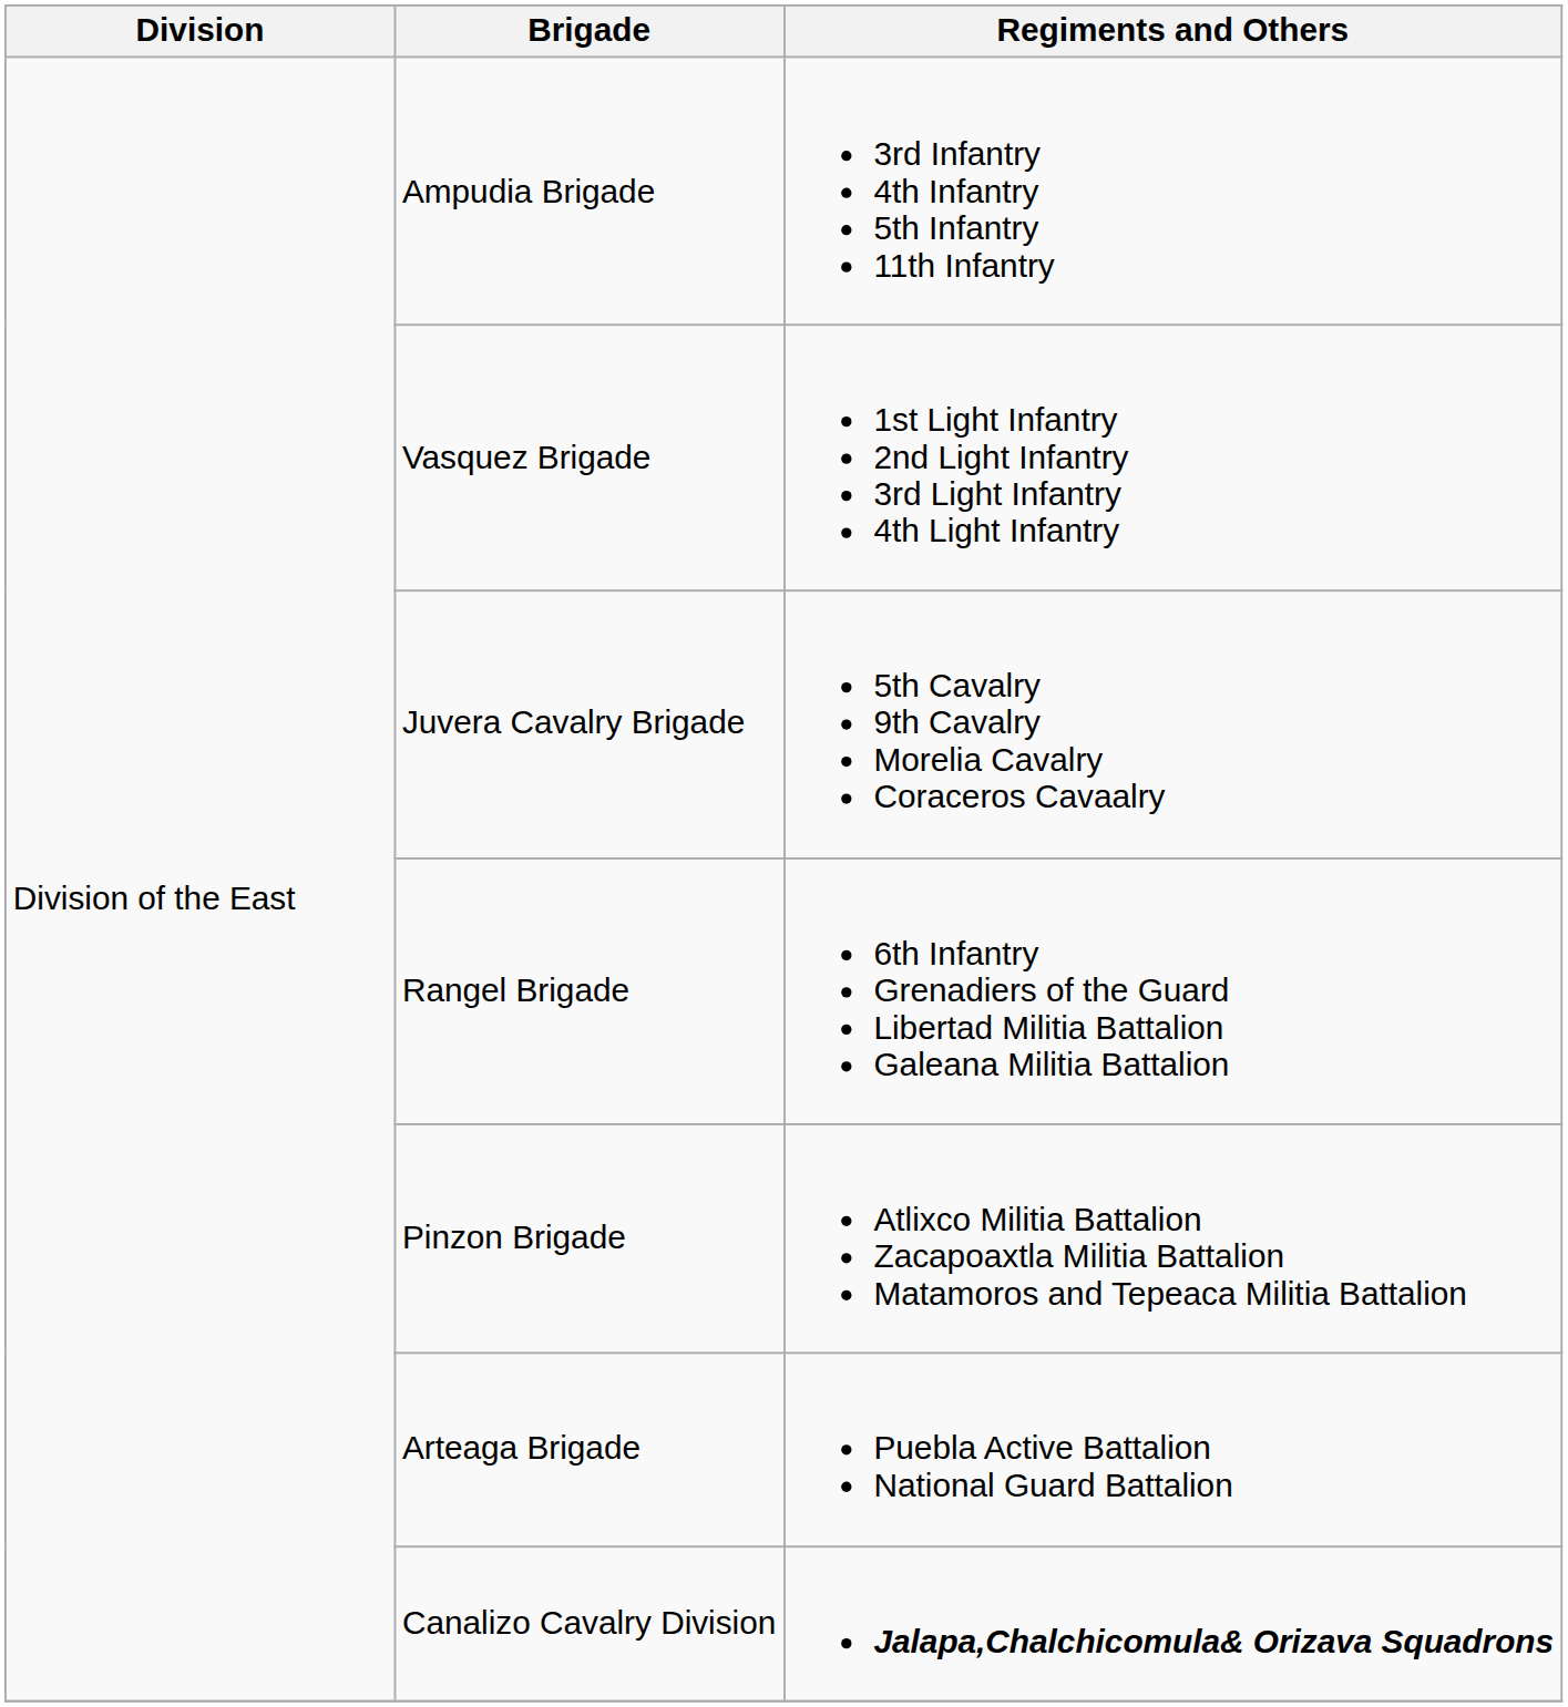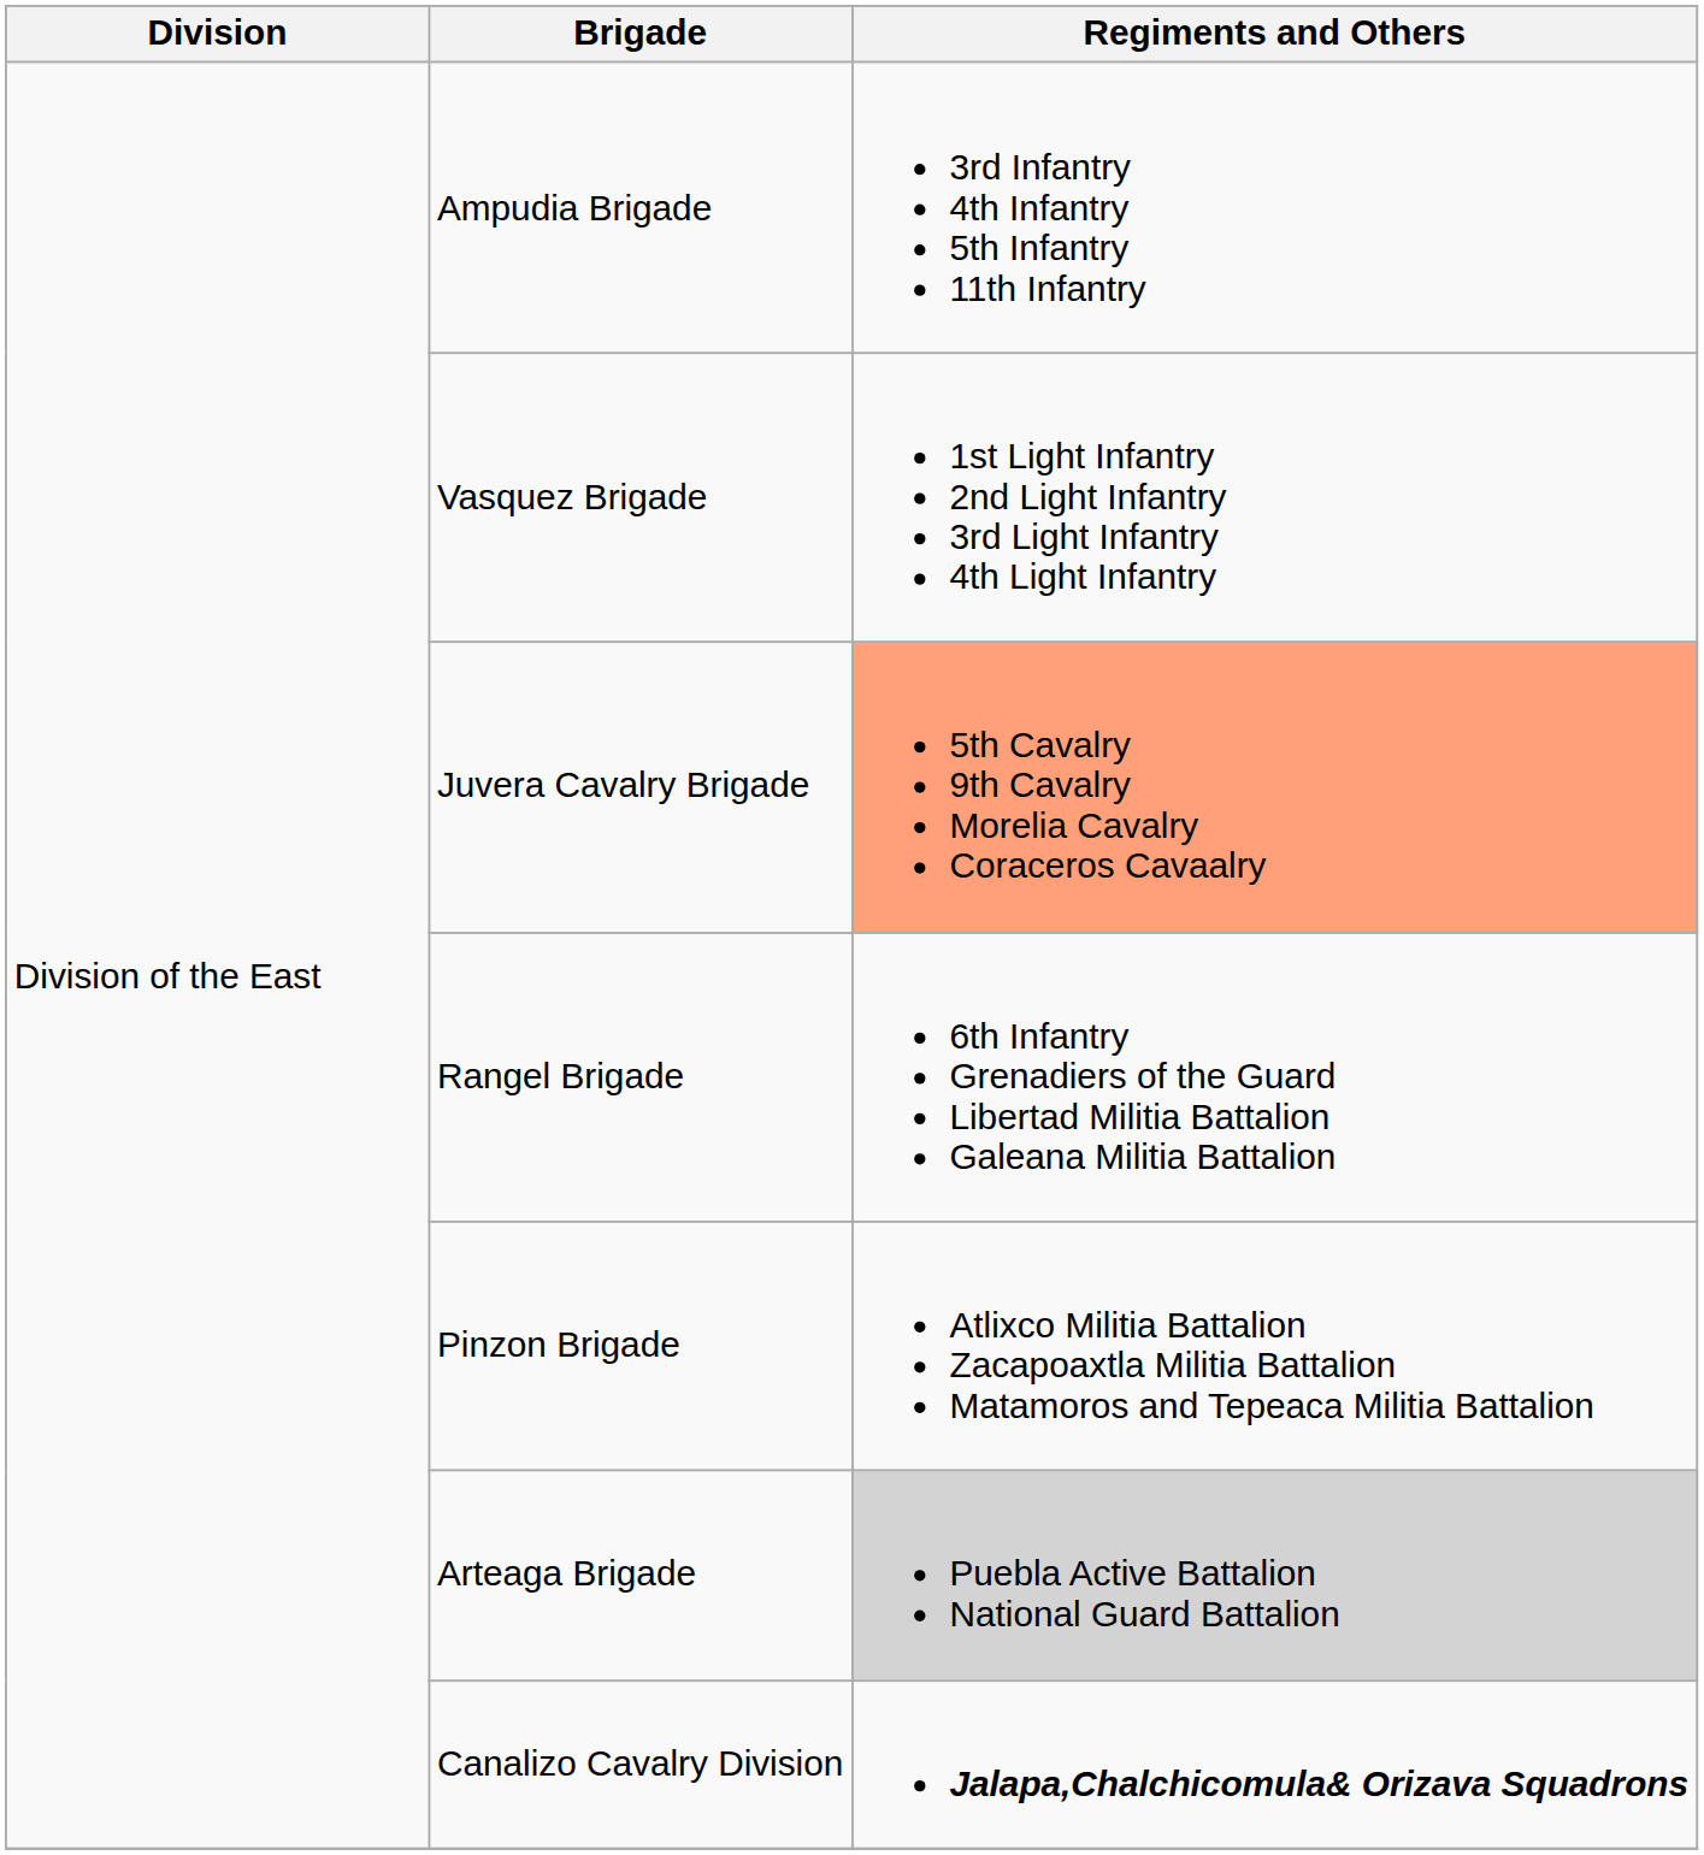 <table class="wikitable">
 <tr>
 <th width=25%>Division</th>
 <th width=25%>Brigade</th>
 <th>Regiments and Others</th>
 </tr>
 <tr>
 <td rowspan=7><br>Division of the East</td>
 <td>Ampudia Brigade</td>
 <td><br><ul><li>3rd Infantry</li><li>4th Infantry</li><li>5th Infantry</li><li>11th Infantry</li></ul></td>
 </tr>
 <tr>
 <td>Vasquez Brigade</td>
 <td><br><ul><li>1st Light Infantry</li><li>2nd Light Infantry</li><li>3rd Light Infantry</li><li>4th Light Infantry</li></ul></td>
 </tr>
 <tr>
 <td>Juvera Cavalry Brigade</td>
-<td><br><ul><li>5th Cavalry</li><li>9th Cavalry</li><li>Morelia Cavalry</li><li>Coraceros Cavaalry</li></ul></td>
+<td style="background: lightsalmon;"><br><ul><li>5th Cavalry</li><li>9th Cavalry</li><li>Morelia Cavalry</li><li>Coraceros Cavaalry</li></ul></td>
 </tr>
 <tr>
 <td>Rangel Brigade</td>
 <td><br><ul><li>6th Infantry</li><li>Grenadiers of the Guard</li><li>Libertad Militia Battalion</li><li>Galeana Militia Battalion</li></ul></td>
 </tr>
 <tr>
 <td>Pinzon Brigade</td>
 <td><br><ul><li>Atlixco Militia Battalion</li><li>Zacapoaxtla Militia Battalion</li><li>Matamoros and Tepeaca Militia Battalion</li></ul></td>
 </tr>
 <tr>
 <td>Arteaga Brigade</td>
-<td><br><ul><li>Puebla Active Battalion</li><li>National Guard Battalion</li></ul></td>
+<td style="background: lightgrey;"><br><ul><li>Puebla Active Battalion</li><li>National Guard Battalion</li></ul></td>
 </tr>
 <tr>
 <td>Canalizo Cavalry Division</td>
 <td><strong><br><ul><li><em>Jalapa,Chalchicomula& Orizava Squadrons</em></li></ul></strong></td>
 </tr>
 <tr>
 </tr>
 </table>
